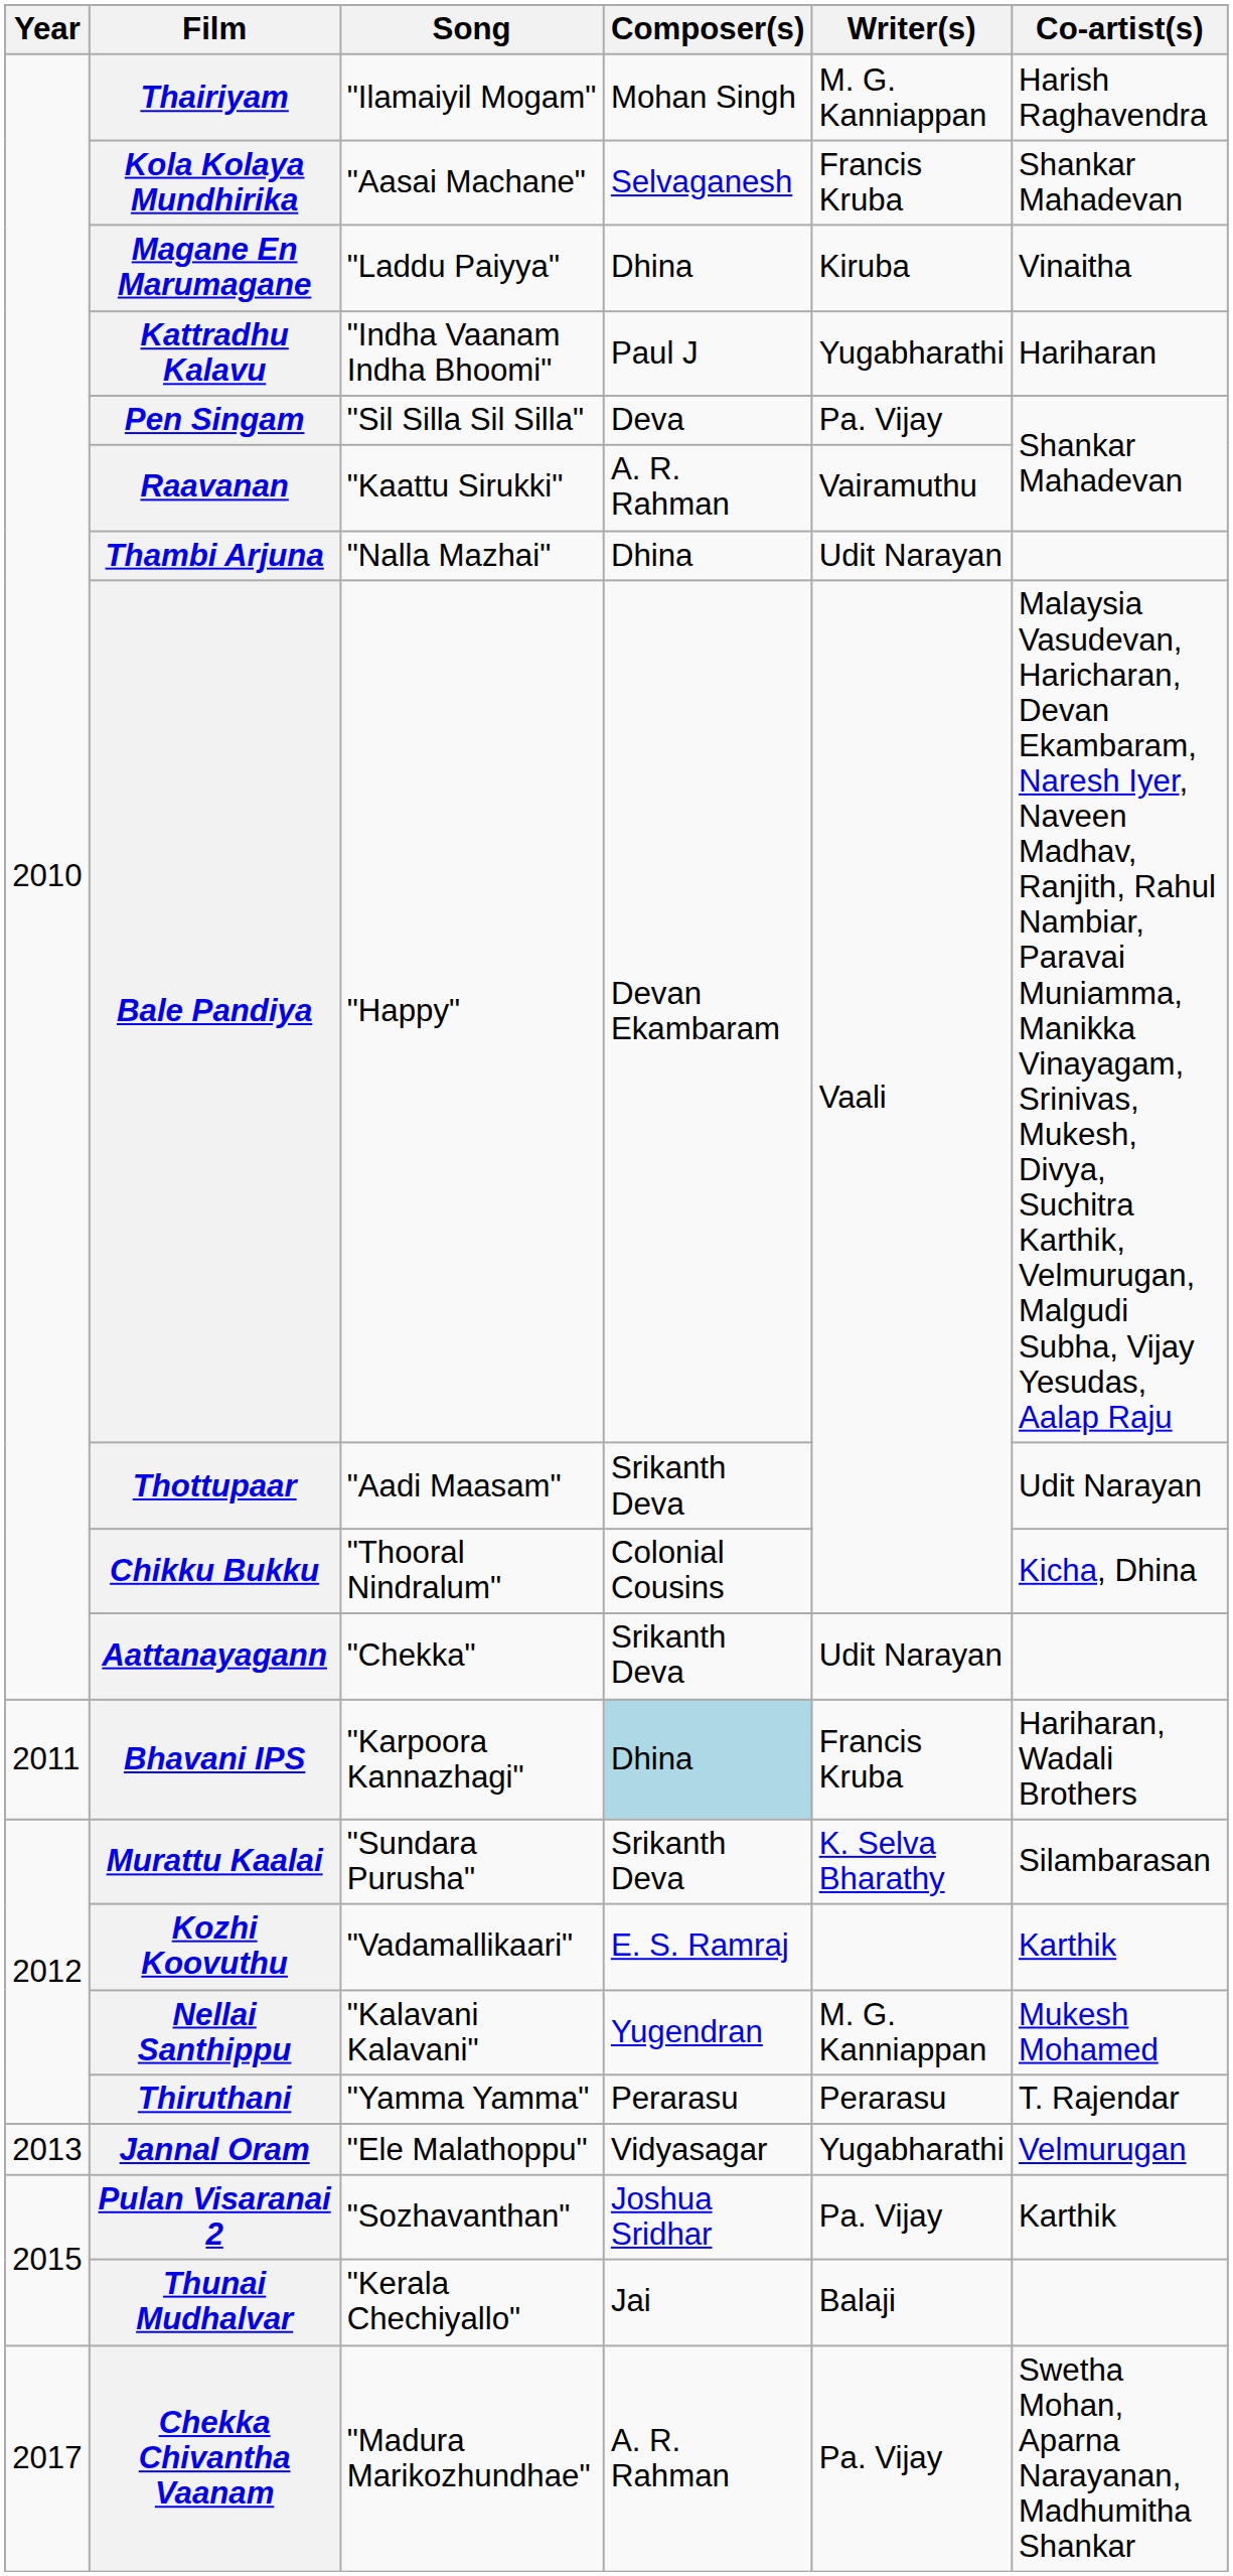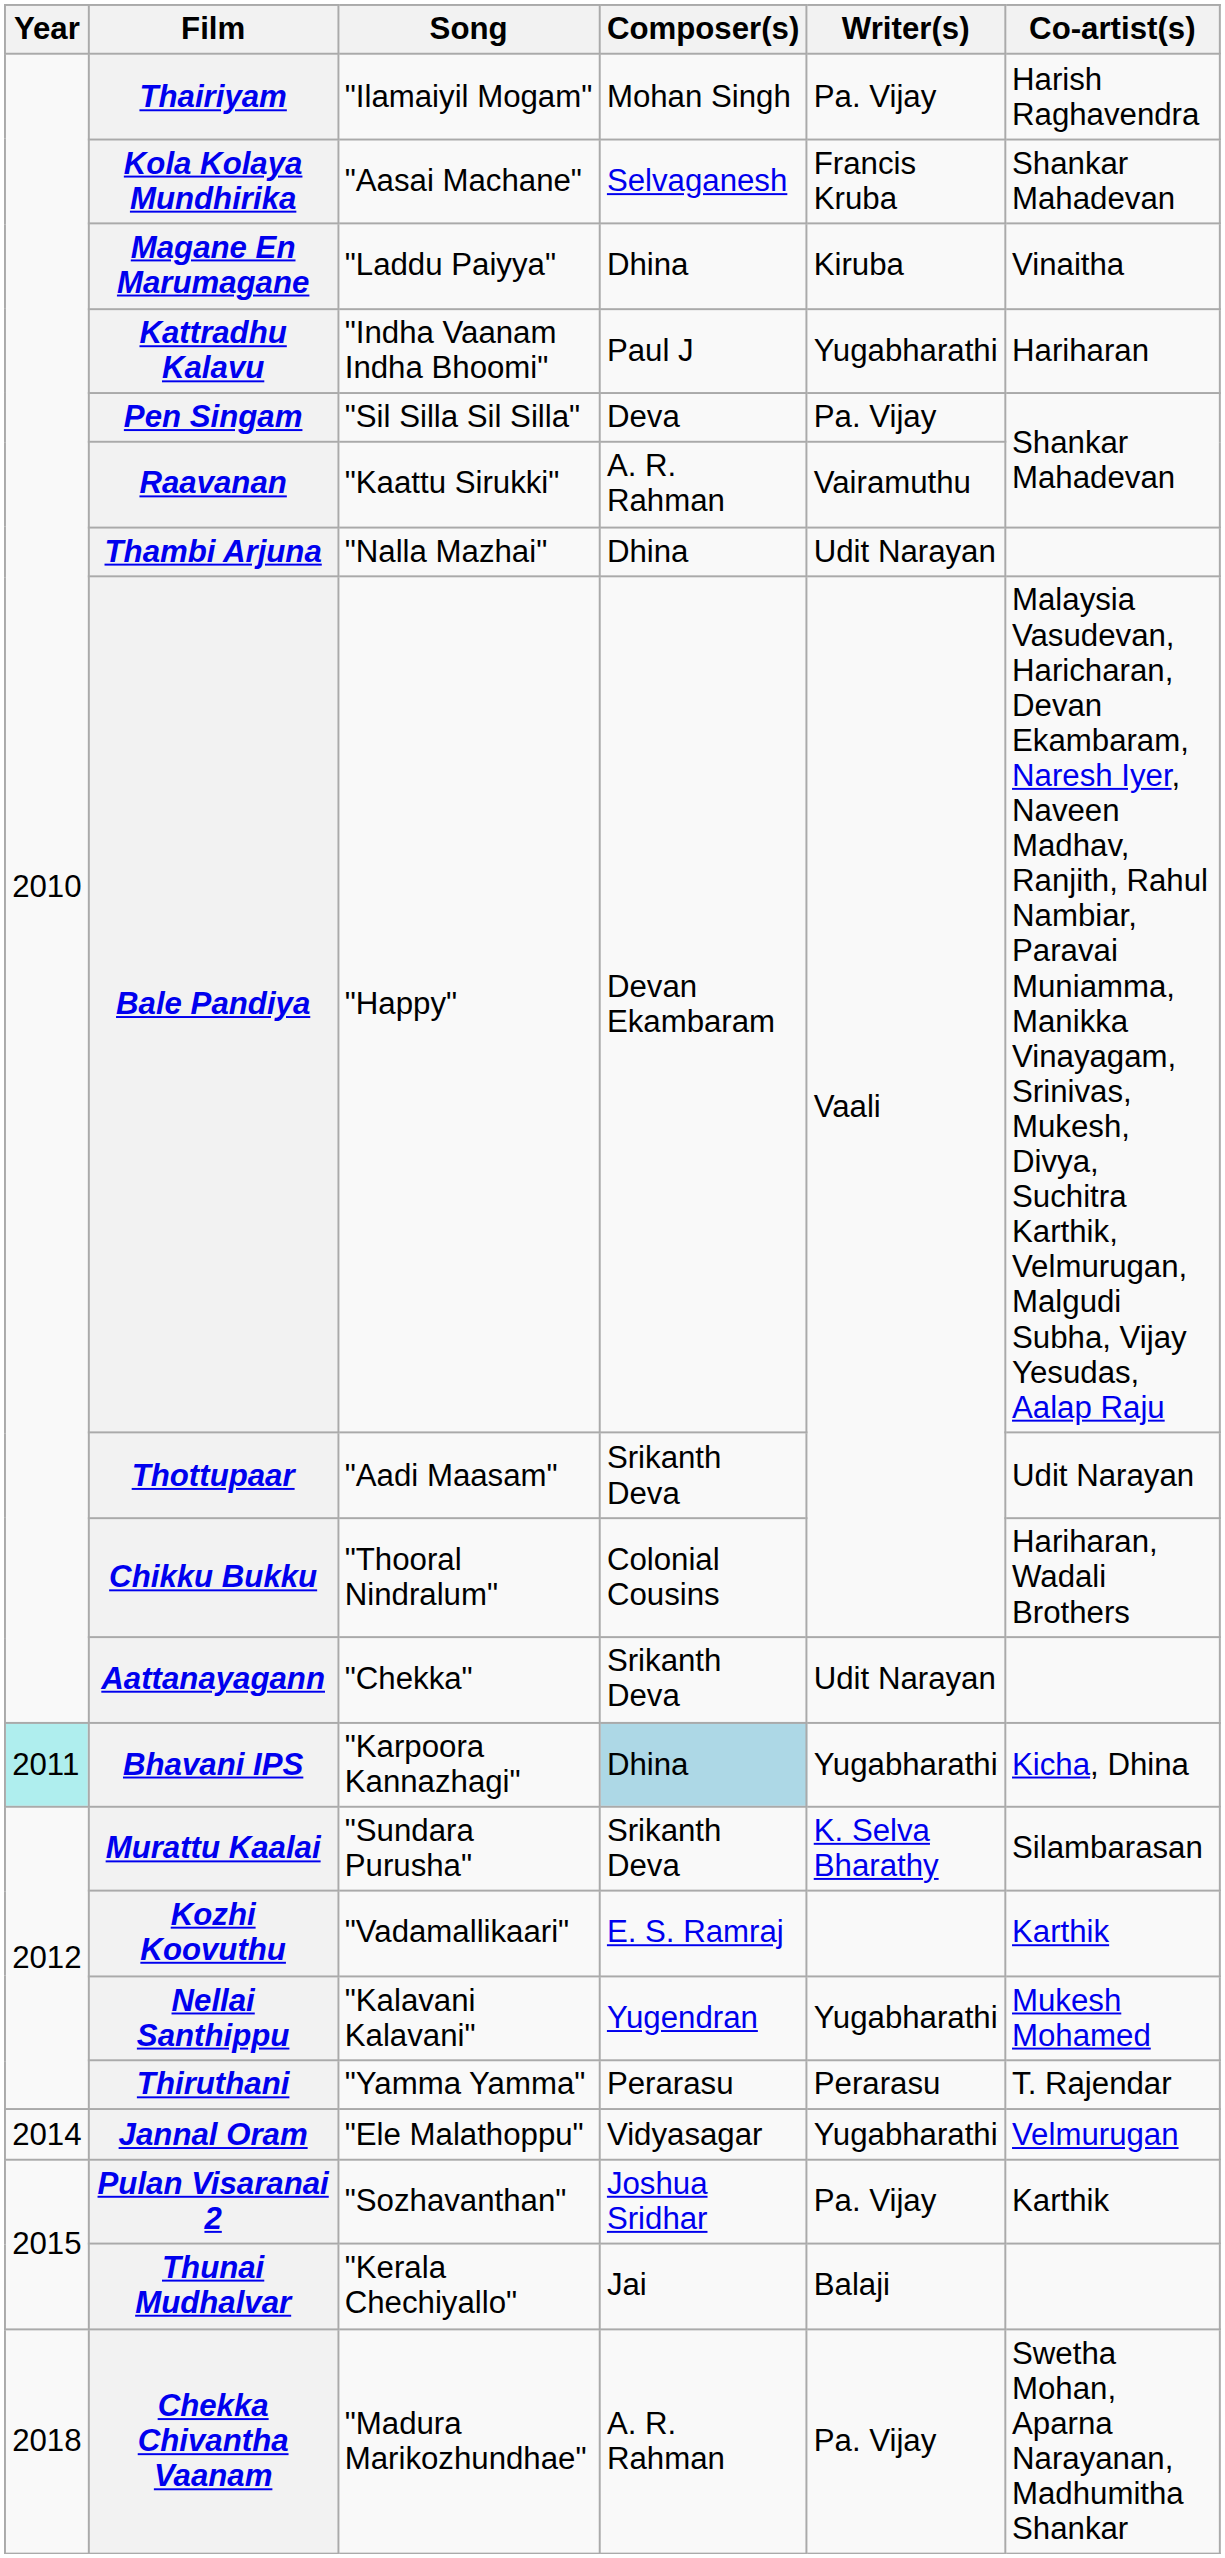 <table class="wikitable plainrowheaders" width="100%" textcolor:#000;">
 <tr style="background:#b0e0e66;">
 <th scope="col" width=5%><strong>Year</strong></th>
 <th scope="col" width=23%><strong>Film</strong></th>
 <th scope="col" width=23%><strong>Song</strong></th>
 <th scope="col" width=15%><strong>Composer(s)</strong></th>
 <th scope="col" width=10%><strong>Writer(s)</strong></th>
 <th scope="col" width=20%><strong>Co-artist(s)</strong></th>
 </tr>
 <tr>
 <td rowspan="11">2010</td>
 <th><em><a href='#'>Thairiyam</a></em></th>
 <td>"Ilamaiyil Mogam"</td>
 <td>Mohan Singh</td>
-<td>M. G. Kanniappan</td>
+<td>Pa. Vijay</td>
 <td>Harish Raghavendra</td>
 </tr>
 <tr>
 <th><em><a href='#'>Kola Kolaya Mundhirika</a></em></th>
 <td>"Aasai Machane"</td>
 <td><a href='#'>Selvaganesh</a></td>
 <td>Francis Kruba</td>
 <td>Shankar Mahadevan</td>
 </tr>
 <tr>
 <th><em><a href='#'>Magane En Marumagane</a></em></th>
 <td>"Laddu Paiyya"</td>
 <td>Dhina</td>
 <td>Kiruba</td>
 <td>Vinaitha</td>
 </tr>
 <tr>
 <th><em><a href='#'>Kattradhu Kalavu</a></em></th>
 <td>"Indha Vaanam Indha Bhoomi"</td>
 <td>Paul J</td>
 <td>Yugabharathi</td>
 <td>Hariharan</td>
 </tr>
 <tr>
 <th><em><a href='#'>Pen Singam</a></em></th>
 <td>"Sil Silla Sil Silla"</td>
 <td>Deva</td>
 <td>Pa. Vijay</td>
 <td Rowspan="2">Shankar Mahadevan</td>
 </tr>
 <tr>
 <th><em><a href='#'>Raavanan</a></em></th>
 <td>"Kaattu Sirukki"</td>
 <td>A. R. Rahman</td>
 <td>Vairamuthu</td>
 </tr>
 <tr>
 <th><em><a href='#'>Thambi Arjuna</a></em></th>
 <td>"Nalla Mazhai"</td>
 <td>Dhina</td>
 <td>Udit Narayan</td>
 <td></td>
 </tr>
 <tr>
 <th><em><a href='#'>Bale Pandiya</a></em></th>
 <td>"Happy"</td>
 <td>Devan Ekambaram</td>
 <td rowspan="3">Vaali</td>
 <td>Malaysia Vasudevan, Haricharan, Devan Ekambaram, <a href='#'>Naresh Iyer</a>, Naveen Madhav, Ranjith, Rahul Nambiar, Paravai Muniamma, Manikka Vinayagam, Srinivas, Mukesh, Divya, Suchitra Karthik, Velmurugan, Malgudi Subha, Vijay Yesudas, <a href='#'>Aalap Raju</a></td>
 </tr>
 <tr>
 <th><em><a href='#'>Thottupaar</a></em></th>
 <td>"Aadi Maasam"</td>
 <td>Srikanth Deva</td>
 <td>Udit Narayan</td>
 </tr>
 <tr>
 <th><em><a href='#'>Chikku Bukku</a></em></th>
 <td>"Thooral Nindralum"</td>
 <td>Colonial Cousins</td>
-<td><a href='#'>Kicha</a>, Dhina</td>
+<td>Hariharan, Wadali Brothers</td>
 </tr>
 <tr>
 <th><em><a href='#'>Aattanayagann</a></em></th>
 <td>"Chekka"</td>
 <td>Srikanth Deva</td>
 <td>Udit Narayan</td>
 </tr>
 <tr>
-<td rowspan="1">2011</td>
+<td rowspan="1" style="background: paleturquoise;">2011</td>
 <th><em><a href='#'>Bhavani IPS</a></em></th>
 <td>"Karpoora Kannazhagi"</td>
 <td style="background: lightblue;">Dhina</td>
-<td>Francis Kruba</td>
-<td>Hariharan, Wadali Brothers</td>
+<td>Yugabharathi</td>
+<td><a href='#'>Kicha</a>, Dhina</td>
 </tr>
 <tr>
 <td rowspan="4">2012</td>
 <th><em><a href='#'>Murattu Kaalai</a></em></th>
 <td>"Sundara Purusha"</td>
 <td>Srikanth Deva</td>
 <td><a href='#'>K. Selva Bharathy</a></td>
 <td>Silambarasan</td>
 </tr>
 <tr>
 <th><em><a href='#'>Kozhi Koovuthu</a></em></th>
 <td>"Vadamallikaari"</td>
 <td><a href='#'>E. S. Ramraj</a></td>
 <td></td>
 <td><a href='#'>Karthik</a></td>
 </tr>
 <tr>
 <th><em><a href='#'>Nellai Santhippu</a></em></th>
 <td>"Kalavani Kalavani"</td>
 <td><a href='#'>Yugendran</a></td>
-<td>M. G. Kanniappan</td>
+<td>Yugabharathi</td>
 <td><a href='#'>Mukesh Mohamed</a></td>
 </tr>
 <tr>
 <th><em><a href='#'>Thiruthani</a></em></th>
 <td>"Yamma Yamma"</td>
 <td>Perarasu</td>
 <td>Perarasu</td>
 <td>T. Rajendar</td>
 </tr>
 <tr>
-<td rowspan="1">2013</td>
+<td rowspan="1">2014</td>
 <th><em><a href='#'>Jannal Oram</a></em></th>
 <td>"Ele Malathoppu"</td>
 <td>Vidyasagar</td>
 <td>Yugabharathi</td>
 <td><a href='#'>Velmurugan</a></td>
 </tr>
 <tr>
 <td rowspan="2">2015</td>
 <th><em><a href='#'>Pulan Visaranai 2</a></em></th>
 <td>"Sozhavanthan"</td>
 <td><a href='#'>Joshua Sridhar</a></td>
 <td>Pa. Vijay</td>
 <td>Karthik</td>
 </tr>
 <tr>
 <th><em><a href='#'>Thunai Mudhalvar</a></em></th>
 <td>"Kerala Chechiyallo"</td>
 <td>Jai</td>
 <td>Balaji</td>
 <td></td>
 </tr>
 <tr>
-<td>2017</td>
+<td>2018</td>
 <th><em><a href='#'>Chekka Chivantha Vaanam</a></em></th>
 <td>"Madura Marikozhundhae"</td>
 <td>A. R. Rahman</td>
 <td>Pa. Vijay</td>
 <td>Swetha Mohan, Aparna Narayanan, Madhumitha Shankar</td>
 </tr>
 </table>
